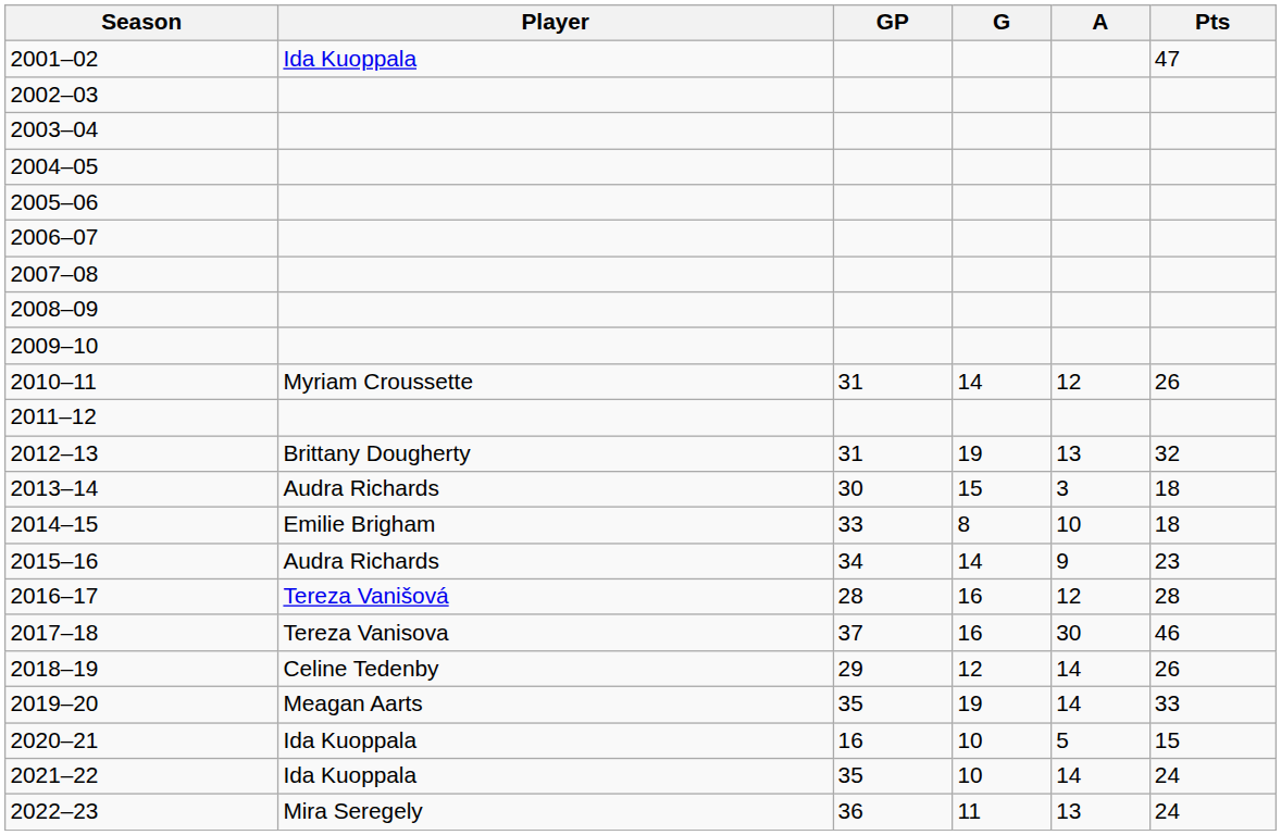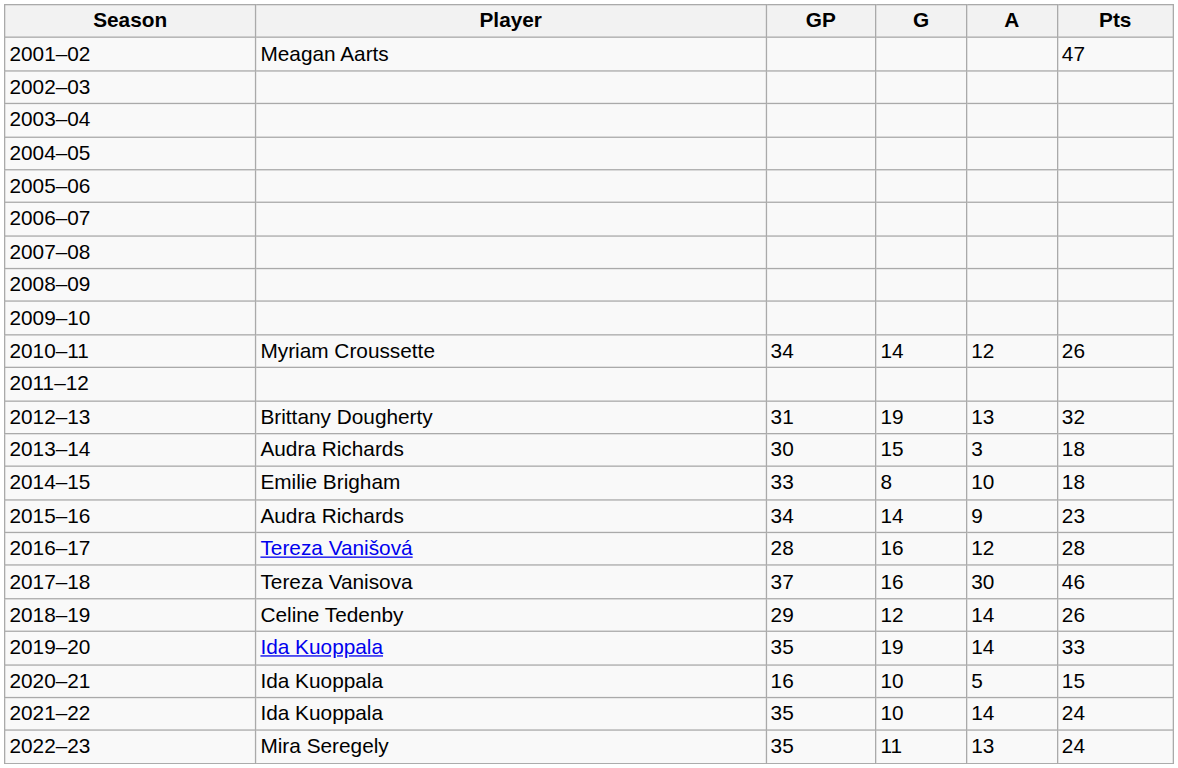 <table class="wikitable sortable" width = 900>
 <tr>
 <th>Season</th>
 <th>Player</th>
 <th>GP</th>
 <th>G</th>
 <th>A</th>
 <th>Pts</th>
 </tr>
 <tr>
 <td>2001–02</td>
-<td><a href='#'>Ida Kuoppala</a></td>
+<td>Meagan Aarts</td>
 <td></td>
 <td></td>
 <td></td>
 <td>47</td>
 </tr>
 <tr>
 <td>2002–03</td>
 <td></td>
 <td></td>
 <td></td>
 <td></td>
 <td></td>
 </tr>
 <tr>
 <td>2003–04</td>
 <td></td>
 <td></td>
 <td></td>
 <td></td>
 <td></td>
 </tr>
 <tr>
 <td>2004–05</td>
 <td></td>
 <td></td>
 <td></td>
 <td></td>
 <td></td>
 </tr>
 <tr>
 <td>2005–06</td>
 <td></td>
 <td></td>
 <td></td>
 <td></td>
 <td></td>
 </tr>
 <tr>
 <td>2006–07</td>
 <td></td>
 <td></td>
 <td></td>
 <td></td>
 <td></td>
 </tr>
 <tr>
 <td>2007–08</td>
 <td></td>
 <td></td>
 <td></td>
 <td></td>
 <td></td>
 </tr>
 <tr>
 <td>2008–09</td>
 <td></td>
 <td></td>
 <td></td>
 <td></td>
 <td></td>
 </tr>
 <tr>
 <td>2009–10</td>
 <td></td>
 <td></td>
 <td></td>
 <td></td>
 <td></td>
 </tr>
 <tr>
 <td>2010–11</td>
 <td>Myriam Croussette</td>
-<td>31</td>
+<td>34</td>
 <td>14</td>
 <td>12</td>
 <td>26</td>
 </tr>
 <tr>
 <td>2011–12</td>
 <td></td>
 <td></td>
 <td></td>
 <td></td>
 <td></td>
 </tr>
 <tr>
 <td>2012–13</td>
 <td>Brittany Dougherty</td>
 <td>31</td>
 <td>19</td>
 <td>13</td>
 <td>32</td>
 </tr>
 <tr>
 <td>2013–14</td>
 <td>Audra Richards</td>
 <td>30</td>
 <td>15</td>
 <td>3</td>
 <td>18</td>
 </tr>
 <tr>
 <td>2014–15</td>
 <td>Emilie Brigham</td>
 <td>33</td>
 <td>8</td>
 <td>10</td>
 <td>18</td>
 </tr>
 <tr>
 <td>2015–16</td>
 <td>Audra Richards</td>
 <td>34</td>
 <td>14</td>
 <td>9</td>
 <td>23</td>
 </tr>
 <tr>
 <td>2016–17</td>
 <td><a href='#'>Tereza Vanišová</a></td>
 <td>28</td>
 <td>16</td>
 <td>12</td>
 <td>28</td>
 </tr>
 <tr>
 <td>2017–18</td>
 <td>Tereza Vanisova</td>
 <td>37</td>
 <td>16</td>
 <td>30</td>
 <td>46</td>
 </tr>
 <tr>
 <td>2018–19</td>
 <td>Celine Tedenby</td>
 <td>29</td>
 <td>12</td>
 <td>14</td>
 <td>26</td>
 </tr>
 <tr>
 <td>2019–20</td>
-<td>Meagan Aarts</td>
+<td><a href='#'>Ida Kuoppala</a></td>
 <td>35</td>
 <td>19</td>
 <td>14</td>
 <td>33  </td>
 </tr>
 <tr>
 <td>2020–21</td>
 <td>Ida Kuoppala</td>
 <td>16</td>
 <td>10</td>
 <td>5</td>
 <td>15</td>
 </tr>
 <tr>
 <td>2021–22</td>
 <td>Ida Kuoppala</td>
 <td>35</td>
 <td>10</td>
 <td>14</td>
 <td>24</td>
 </tr>
 <tr>
 <td>2022–23</td>
 <td>Mira Seregely</td>
-<td>36</td>
+<td>35</td>
 <td>11</td>
 <td>13</td>
 <td>24</td>
 </tr>
 <tr>
 </tr>
 </table>
